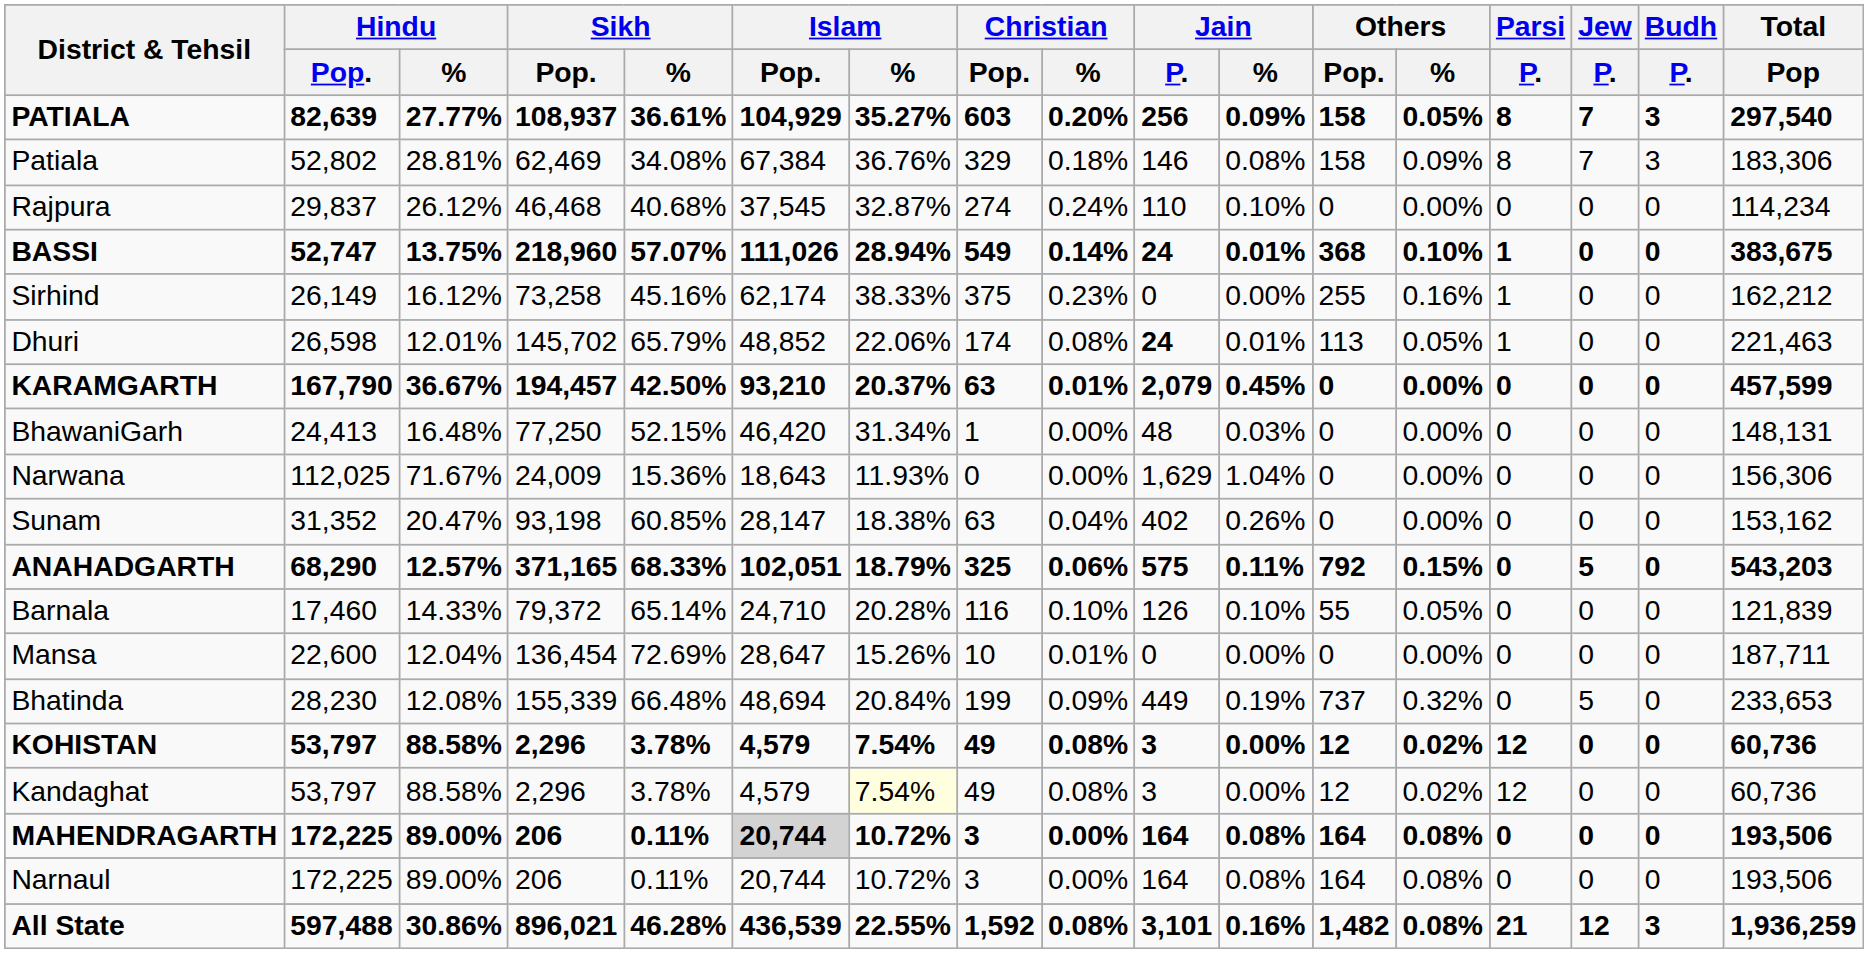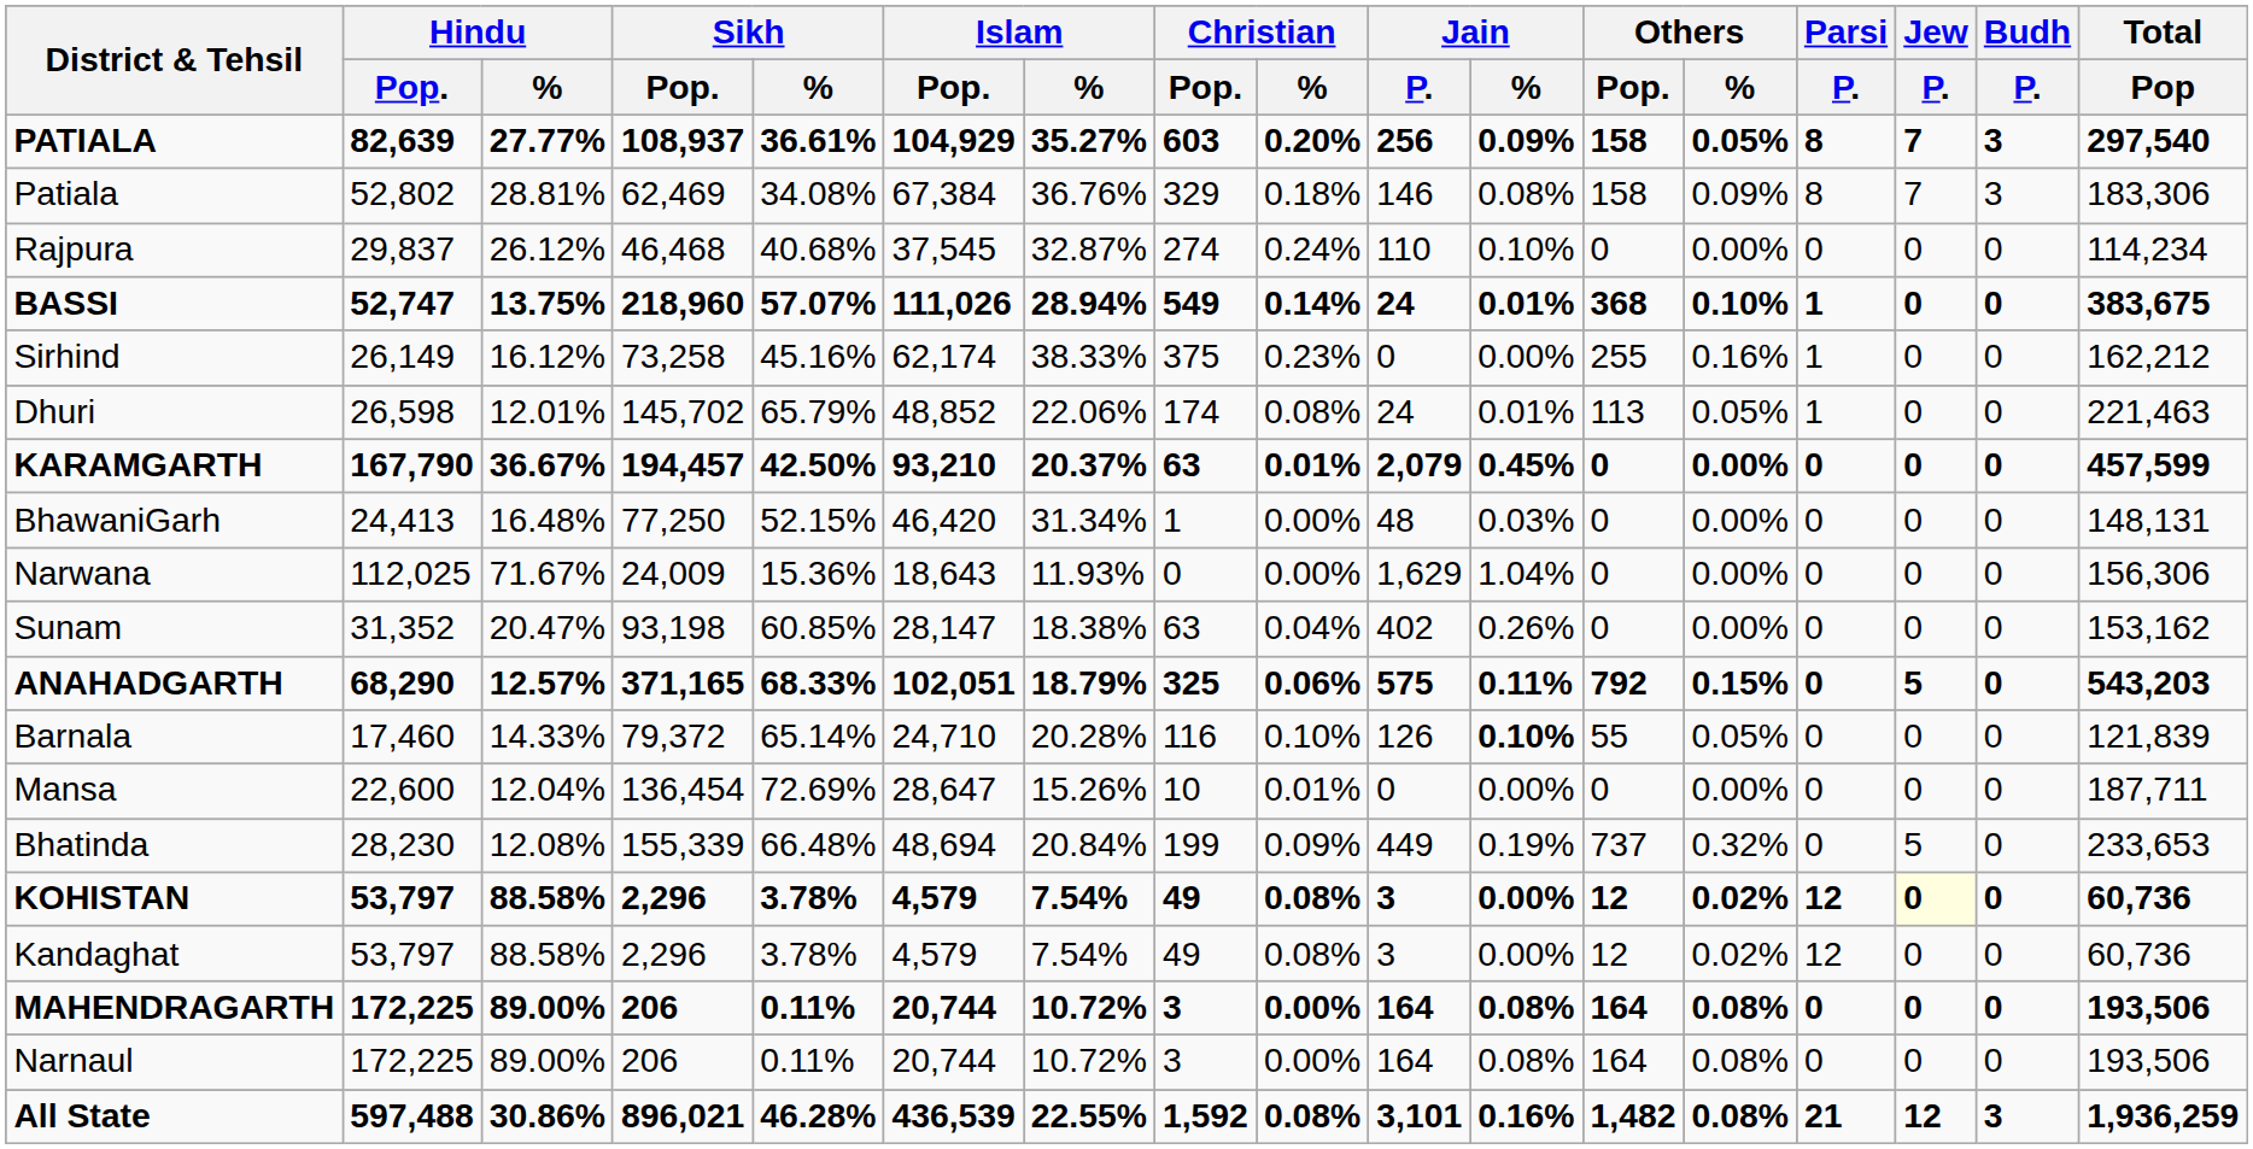 <table class="wikitable sortable">
 <tr>
 <th rowspan="2">District & Tehsil</th>
 <th colspan="2"><a href='#'>Hindu</a> </th>
 <th colspan="2"><a href='#'>Sikh</a> </th>
 <th colspan="2"><a href='#'>Islam</a> </th>
 <th colspan="2"><a href='#'>Christian</a></th>
 <th colspan="2"><a href='#'>Jain</a></th>
 <th colspan="2">Others</th>
 <th><a href='#'>Parsi</a></th>
 <th><a href='#'>Jew</a></th>
 <th><a href='#'>Budh</a></th>
 <th>Total</th>
 </tr>
 <tr>
 <th><a href='#'>Pop</a>.</th>
 <th>%</th>
 <th>Pop.</th>
 <th>%</th>
 <th>Pop.</th>
 <th>%</th>
 <th>Pop.</th>
 <th>%</th>
 <th><a href='#'>P</a>.</th>
 <th>%</th>
 <th>Pop.</th>
 <th>%</th>
 <th><a href='#'>P</a>.</th>
 <th><a href='#'>P</a>.</th>
 <th><a href='#'>P</a>.</th>
 <th>Pop</th>
 </tr>
 <tr>
 <td><strong>PATIALA</strong></td>
 <td><strong>82,639</strong></td>
 <td><strong>27.77%</strong></td>
 <td><strong>108,937</strong></td>
 <td><strong>36.61%</strong></td>
 <td><strong>104,929</strong></td>
 <td><strong>35.27%</strong></td>
 <td><strong>603</strong></td>
 <td><strong>0.20%</strong></td>
 <td><strong>256</strong></td>
 <td><strong>0.09%</strong></td>
 <td><strong>158</strong></td>
 <td><strong>0.05%</strong></td>
 <td><strong>8</strong></td>
 <td><strong>7</strong></td>
 <td><strong>3</strong></td>
 <td><strong>297,540</strong></td>
 </tr>
 <tr>
 <td>Patiala</td>
 <td>52,802</td>
 <td>28.81%</td>
 <td>62,469</td>
 <td>34.08%</td>
 <td>67,384</td>
 <td>36.76%</td>
 <td>329</td>
 <td>0.18%</td>
 <td>146</td>
 <td>0.08%</td>
 <td>158</td>
 <td>0.09%</td>
 <td>8</td>
 <td>7</td>
 <td>3</td>
 <td>183,306</td>
 </tr>
 <tr>
 <td>Rajpura</td>
 <td>29,837</td>
 <td>26.12%</td>
 <td>46,468</td>
 <td>40.68%</td>
 <td>37,545</td>
 <td>32.87%</td>
 <td>274</td>
 <td>0.24%</td>
 <td>110</td>
 <td>0.10%</td>
 <td>0</td>
 <td>0.00%</td>
 <td>0</td>
 <td>0</td>
 <td>0</td>
 <td>114,234</td>
 </tr>
 <tr>
 <td><strong>BASSI</strong></td>
 <td><strong>52,747</strong></td>
 <td><strong>13.75%</strong></td>
 <td><strong>218,960</strong></td>
 <td><strong>57.07%</strong></td>
 <td><strong>111,026</strong></td>
 <td><strong>28.94%</strong></td>
 <td><strong>549</strong></td>
 <td><strong>0.14%</strong></td>
 <td><strong>24</strong></td>
 <td><strong>0.01%</strong></td>
 <td><strong>368</strong></td>
 <td><strong>0.10%</strong></td>
 <td><strong>1</strong></td>
 <td><strong>0</strong></td>
 <td><strong>0</strong></td>
 <td><strong>383,675</strong></td>
 </tr>
 <tr>
 <td>Sirhind</td>
 <td>26,149</td>
 <td>16.12%</td>
 <td>73,258</td>
 <td>45.16%</td>
 <td>62,174</td>
 <td>38.33%</td>
 <td>375</td>
 <td>0.23%</td>
 <td>0</td>
 <td>0.00%</td>
 <td>255</td>
 <td>0.16%</td>
 <td>1</td>
 <td>0</td>
 <td>0</td>
 <td>162,212</td>
 </tr>
 <tr>
 <td>Dhuri</td>
 <td>26,598</td>
 <td>12.01%</td>
 <td>145,702</td>
 <td>65.79%</td>
 <td>48,852</td>
 <td>22.06%</td>
 <td>174</td>
 <td>0.08%</td>
-<td><strong>24</strong></td>
+<td>24</td>
 <td>0.01%</td>
 <td>113</td>
 <td>0.05%</td>
 <td>1</td>
 <td>0</td>
 <td>0</td>
 <td>221,463</td>
 </tr>
 <tr>
 <td><strong>KARAMGARTH</strong></td>
 <td><strong>167,790</strong></td>
 <td><strong>36.67%</strong></td>
 <td><strong>194,457</strong></td>
 <td><strong>42.50%</strong></td>
 <td><strong>93,210</strong></td>
 <td><strong>20.37%</strong></td>
 <td><strong>63</strong></td>
 <td><strong>0.01%</strong></td>
 <td><strong>2,079</strong></td>
 <td><strong>0.45%</strong></td>
 <td><strong>0</strong></td>
 <td><strong>0.00%</strong></td>
 <td><strong>0</strong></td>
 <td><strong>0</strong></td>
 <td><strong>0</strong></td>
 <td><strong>457,599</strong></td>
 </tr>
 <tr>
 <td>BhawaniGarh</td>
 <td>24,413</td>
 <td>16.48%</td>
 <td>77,250</td>
 <td>52.15%</td>
 <td>46,420</td>
 <td>31.34%</td>
 <td>1</td>
 <td>0.00%</td>
 <td>48</td>
 <td>0.03%</td>
 <td>0</td>
 <td>0.00%</td>
 <td>0</td>
 <td>0</td>
 <td>0</td>
 <td>148,131</td>
 </tr>
 <tr>
 <td>Narwana</td>
 <td>112,025</td>
 <td>71.67%</td>
 <td>24,009</td>
 <td>15.36%</td>
 <td>18,643</td>
 <td>11.93%</td>
 <td>0</td>
 <td>0.00%</td>
 <td>1,629</td>
 <td>1.04%</td>
 <td>0</td>
 <td>0.00%</td>
 <td>0</td>
 <td>0</td>
 <td>0</td>
 <td>156,306</td>
 </tr>
 <tr>
 <td>Sunam</td>
 <td>31,352</td>
 <td>20.47%</td>
 <td>93,198</td>
 <td>60.85%</td>
 <td>28,147</td>
 <td>18.38%</td>
 <td>63</td>
 <td>0.04%</td>
 <td>402</td>
 <td>0.26%</td>
 <td>0</td>
 <td>0.00%</td>
 <td>0</td>
 <td>0</td>
 <td>0</td>
 <td>153,162</td>
 </tr>
 <tr>
 <td><strong>ANAHADGARTH</strong></td>
 <td><strong>68,290</strong></td>
 <td><strong>12.57%</strong></td>
 <td><strong>371,165</strong></td>
 <td><strong>68.33%</strong></td>
 <td><strong>102,051</strong></td>
 <td><strong>18.79%</strong></td>
 <td><strong>325</strong></td>
 <td><strong>0.06%</strong></td>
 <td><strong>575</strong></td>
 <td><strong>0.11%</strong></td>
 <td><strong>792</strong></td>
 <td><strong>0.15%</strong></td>
 <td><strong>0</strong></td>
 <td><strong>5</strong></td>
 <td><strong>0</strong></td>
 <td><strong>543,203</strong></td>
 </tr>
 <tr>
 <td>Barnala</td>
 <td>17,460</td>
 <td>14.33%</td>
 <td>79,372</td>
 <td>65.14%</td>
 <td>24,710</td>
 <td>20.28%</td>
 <td>116</td>
 <td>0.10%</td>
 <td>126</td>
-<td>0.10%</td>
+<td><strong>0.10%</strong></td>
 <td>55</td>
 <td>0.05%</td>
 <td>0</td>
 <td>0</td>
 <td>0</td>
 <td>121,839</td>
 </tr>
 <tr>
 <td>Mansa</td>
 <td>22,600</td>
 <td>12.04%</td>
 <td>136,454</td>
 <td>72.69%</td>
 <td>28,647</td>
 <td>15.26%</td>
 <td>10</td>
 <td>0.01%</td>
 <td>0</td>
 <td>0.00%</td>
 <td>0</td>
 <td>0.00%</td>
 <td>0</td>
 <td>0</td>
 <td>0</td>
 <td>187,711</td>
 </tr>
 <tr>
 <td>Bhatinda</td>
 <td>28,230</td>
 <td>12.08%</td>
 <td>155,339</td>
 <td>66.48%</td>
 <td>48,694</td>
 <td>20.84%</td>
 <td>199</td>
 <td>0.09%</td>
 <td>449</td>
 <td>0.19%</td>
 <td>737</td>
 <td>0.32%</td>
 <td>0</td>
 <td>5</td>
 <td>0</td>
 <td>233,653</td>
 </tr>
 <tr>
 <td><strong>KOHISTAN</strong></td>
 <td><strong>53,797</strong></td>
 <td><strong>88.58%</strong></td>
 <td><strong>2,296</strong></td>
 <td><strong>3.78%</strong></td>
 <td><strong>4,579</strong></td>
 <td><strong>7.54%</strong></td>
 <td><strong>49</strong></td>
 <td><strong>0.08%</strong></td>
 <td><strong>3</strong></td>
 <td><strong>0.00%</strong></td>
 <td><strong>12</strong></td>
 <td><strong>0.02%</strong></td>
 <td><strong>12</strong></td>
-<td><strong>0</strong></td>
+<td style="background: lightyellow;"><strong>0</strong></td>
 <td><strong>0</strong></td>
 <td><strong>60,736</strong></td>
 </tr>
 <tr>
 <td>Kandaghat</td>
 <td>53,797</td>
 <td>88.58%</td>
 <td>2,296</td>
 <td>3.78%</td>
 <td>4,579</td>
-<td style="background: lightyellow;">7.54%</td>
+<td>7.54%</td>
 <td>49</td>
 <td>0.08%</td>
 <td>3</td>
 <td>0.00%</td>
 <td>12</td>
 <td>0.02%</td>
 <td>12</td>
 <td>0</td>
 <td>0</td>
 <td>60,736</td>
 </tr>
 <tr>
 <td><strong>MAHENDRAGARTH</strong></td>
 <td><strong>172,225</strong></td>
 <td><strong>89.00%</strong></td>
 <td><strong>206</strong></td>
 <td><strong>0.11%</strong></td>
-<td style="background: lightgrey;"><strong>20,744</strong></td>
+<td><strong>20,744</strong></td>
 <td><strong>10.72%</strong></td>
 <td><strong>3</strong></td>
 <td><strong>0.00%</strong></td>
 <td><strong>164</strong></td>
 <td><strong>0.08%</strong></td>
 <td><strong>164</strong></td>
 <td><strong>0.08%</strong></td>
 <td><strong>0</strong></td>
 <td><strong>0</strong></td>
 <td><strong>0</strong></td>
 <td><strong>193,506</strong></td>
 </tr>
 <tr>
 <td>Narnaul</td>
 <td>172,225</td>
 <td>89.00%</td>
 <td>206</td>
 <td>0.11%</td>
 <td>20,744</td>
 <td>10.72%</td>
 <td>3</td>
 <td>0.00%</td>
 <td>164</td>
 <td>0.08%</td>
 <td>164</td>
 <td>0.08%</td>
 <td>0</td>
 <td>0</td>
 <td>0</td>
 <td>193,506</td>
 </tr>
 <tr>
 <td><strong>All State</strong></td>
 <td><strong>597,488</strong></td>
 <td><strong>30.86%</strong></td>
 <td><strong>896,021</strong></td>
 <td><strong>46.28%</strong></td>
 <td><strong>436,539</strong></td>
 <td><strong>22.55%</strong></td>
 <td><strong>1,592</strong></td>
 <td><strong>0.08%</strong></td>
 <td><strong>3,101</strong></td>
 <td><strong>0.16%</strong></td>
 <td><strong>1,482</strong></td>
 <td><strong>0.08%</strong></td>
 <td><strong>21</strong></td>
 <td><strong>12</strong></td>
 <td><strong>3</strong></td>
 <td><strong>1,936,259</strong></td>
 </tr>
 </table>
